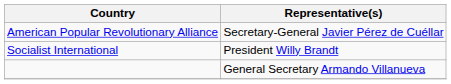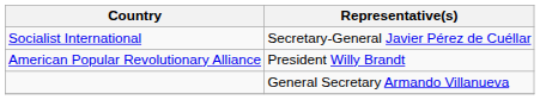 <table class="wikitable sortable">
 <tr>
 <th>Country</th>
 <th>Representative(s)</th>
 </tr>
 <tr>
-<td> <a href='#'>American Popular Revolutionary Alliance</a></td>
+<td><a href='#'>Socialist International</a></td>
 <td>Secretary-General <a href='#'>Javier Pérez de Cuéllar</a></td>
 </tr>
 <tr>
-<td><a href='#'>Socialist International</a></td>
+<td> <a href='#'>American Popular Revolutionary Alliance</a></td>
 <td>President <a href='#'>Willy Brandt</a></td>
 </tr>
 <tr>
 <td></td>
 <td>General Secretary <a href='#'>Armando Villanueva</a></td>
 </tr>
 <tr>
 </tr>
 </table>
